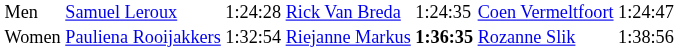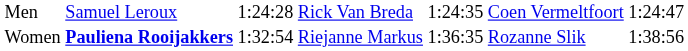 <table>
 <tr>
 <td align="left">Men</td>
 <td> <a href='#'>Samuel Leroux</a></td>
 <td>1:24:28</td>
 <td> <a href='#'>Rick Van Breda</a></td>
 <td>1:24:35</td>
 <td> <a href='#'>Coen Vermeltfoort</a></td>
 <td>1:24:47</td>
 </tr>
 <tr>
 <td align="left">Women</td>
-<td> <a href='#'>Pauliena Rooijakkers</a></td>
+<td><strong> <a href='#'>Pauliena Rooijakkers</a></strong></td>
 <td>1:32:54</td>
 <td> <a href='#'>Riejanne Markus</a></td>
-<td><strong>1:36:35</strong></td>
+<td>1:36:35</td>
 <td> <a href='#'>Rozanne Slik</a></td>
 <td>1:38:56</td>
 </tr>
 </table>
